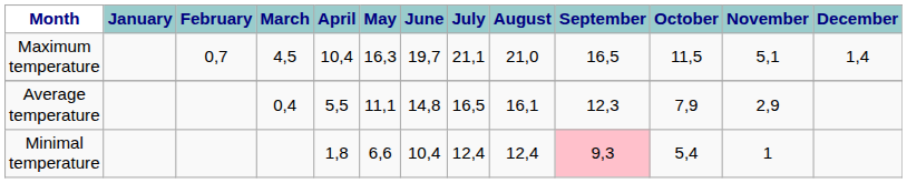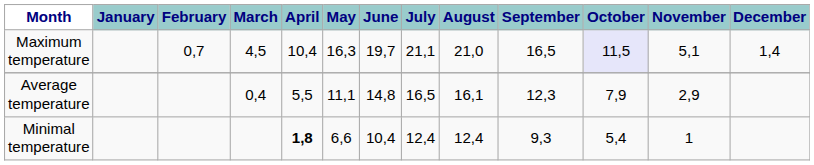 <table class="wikitable" style="font-size:90%;width:60%;border:0px;text-align:center;line-height:120%;">
 <tr>
 <th style="background: #FFFFFF; color: #000080" height="17">Month</th>
 <th style="background: #99CCCC; color:#000080;">January</th>
 <th style="background: #99CCCC; color:#000080;">February</th>
 <th style="background: #99CCCC; color:#000080;">March</th>
 <th style="background: #99CCCC; color:#000080;">April</th>
 <th style="background: #99CCCC; color:#000080;">May</th>
 <th style="background: #99CCCC; color:#000080;">June</th>
 <th style="background: #99CCCC; color:#000080;">July</th>
 <th style="background: #99CCCC; color:#000080;">August</th>
 <th style="background: #99CCCC; color:#000080;">September</th>
 <th style="background: #99CCCC; color:#000080;">October</th>
 <th style="background: #99CCCC; color:#000080;">November</th>
 <th style="background: #99CCCC; color:#000080;">December</th>
 </tr>
 <tr>
 <td>Maximum temperature</td>
 <td></td>
 <td>0,7</td>
 <td>4,5</td>
 <td>10,4</td>
 <td>16,3</td>
 <td>19,7</td>
 <td>21,1</td>
 <td>21,0</td>
 <td>16,5</td>
-<td>11,5</td>
+<td style="background: lavender;">11,5</td>
 <td>5,1</td>
 <td>1,4</td>
 </tr>
 <tr>
 </tr>
 <tr>
 <td>Average temperature</td>
 <td></td>
 <td></td>
 <td>0,4</td>
 <td>5,5</td>
 <td>11,1</td>
 <td>14,8</td>
 <td>16,5</td>
 <td>16,1</td>
 <td>12,3</td>
 <td>7,9</td>
 <td>2,9</td>
 <td></td>
 </tr>
 <tr>
 <td>Minimal temperature</td>
 <td></td>
 <td></td>
 <td></td>
-<td>1,8</td>
+<td><strong>1,8</strong></td>
 <td>6,6</td>
 <td>10,4</td>
 <td>12,4</td>
 <td>12,4</td>
-<td style="background: pink;">9,3</td>
+<td>9,3</td>
 <td>5,4</td>
 <td>1</td>
 <td></td>
 </tr>
 </table>
